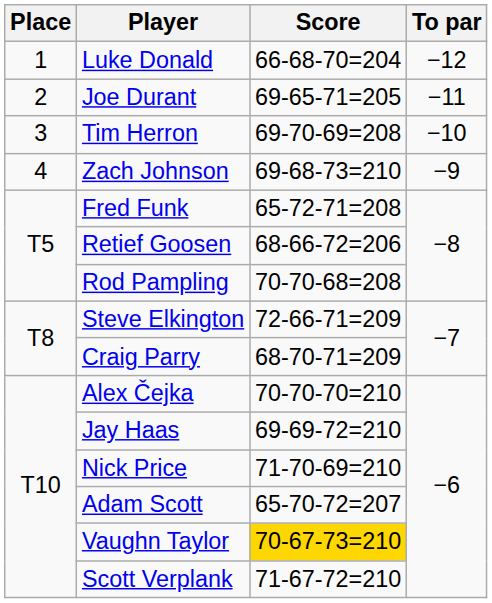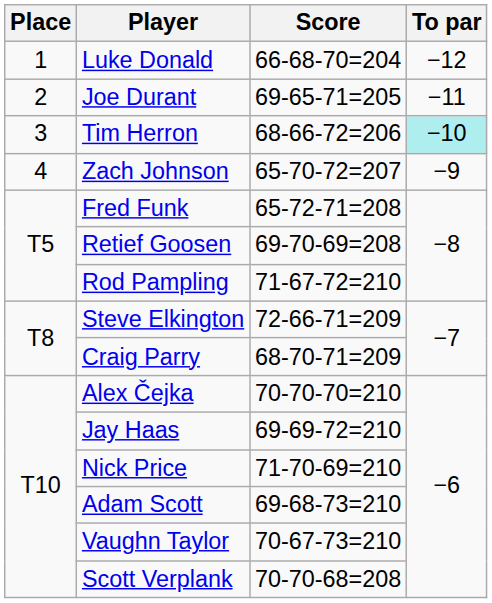 <table class="wikitable">
 <tr>
 <th>Place</th>
 <th>Player</th>
 <th>Score</th>
 <th>To par</th>
 </tr>
 <tr>
 <td align="center">1</td>
 <td> <a href='#'>Luke Donald</a></td>
 <td>66-68-70=204</td>
 <td align=center>−12</td>
 </tr>
 <tr>
 <td align="center">2</td>
 <td> <a href='#'>Joe Durant</a></td>
 <td>69-65-71=205</td>
 <td align=center>−11</td>
 </tr>
 <tr>
 <td align="center">3</td>
 <td> <a href='#'>Tim Herron</a></td>
-<td>69-70-69=208</td>
-<td align=center>−10</td>
+<td>68-66-72=206</td>
+<td align=center style="background: paleturquoise;">−10</td>
 </tr>
 <tr>
 <td align="center">4</td>
 <td> <a href='#'>Zach Johnson</a></td>
-<td>69-68-73=210</td>
+<td>65-70-72=207</td>
 <td align=center>−9</td>
 </tr>
 <tr>
 <td rowspan="3" align="center">T5</td>
 <td> <a href='#'>Fred Funk</a></td>
 <td>65-72-71=208</td>
 <td rowspan="3" align=center>−8</td>
 </tr>
 <tr>
 <td> <a href='#'>Retief Goosen</a></td>
-<td>68-66-72=206</td>
+<td>69-70-69=208</td>
 </tr>
 <tr>
 <td> <a href='#'>Rod Pampling</a></td>
-<td>70-70-68=208</td>
+<td>71-67-72=210</td>
 </tr>
 <tr>
 <td rowspan="2" align="center">T8</td>
 <td> <a href='#'>Steve Elkington</a></td>
 <td>72-66-71=209</td>
 <td rowspan="2" align=center>−7</td>
 </tr>
 <tr>
 <td> <a href='#'>Craig Parry</a></td>
 <td>68-70-71=209</td>
 </tr>
 <tr>
 <td rowspan="6" align="center">T10</td>
 <td> <a href='#'>Alex Čejka</a></td>
 <td>70-70-70=210</td>
 <td rowspan="6" align=center>−6</td>
 </tr>
 <tr>
 <td> <a href='#'>Jay Haas</a></td>
 <td>69-69-72=210</td>
 </tr>
 <tr>
 <td> <a href='#'>Nick Price</a></td>
 <td>71-70-69=210</td>
 </tr>
 <tr>
 <td> <a href='#'>Adam Scott</a></td>
-<td>65-70-72=207</td>
+<td>69-68-73=210</td>
 </tr>
 <tr>
 <td> <a href='#'>Vaughn Taylor</a></td>
-<td style="background: gold;">70-67-73=210</td>
+<td>70-67-73=210</td>
 </tr>
 <tr>
 <td> <a href='#'>Scott Verplank</a></td>
-<td>71-67-72=210</td>
+<td>70-70-68=208</td>
 </tr>
 </table>
